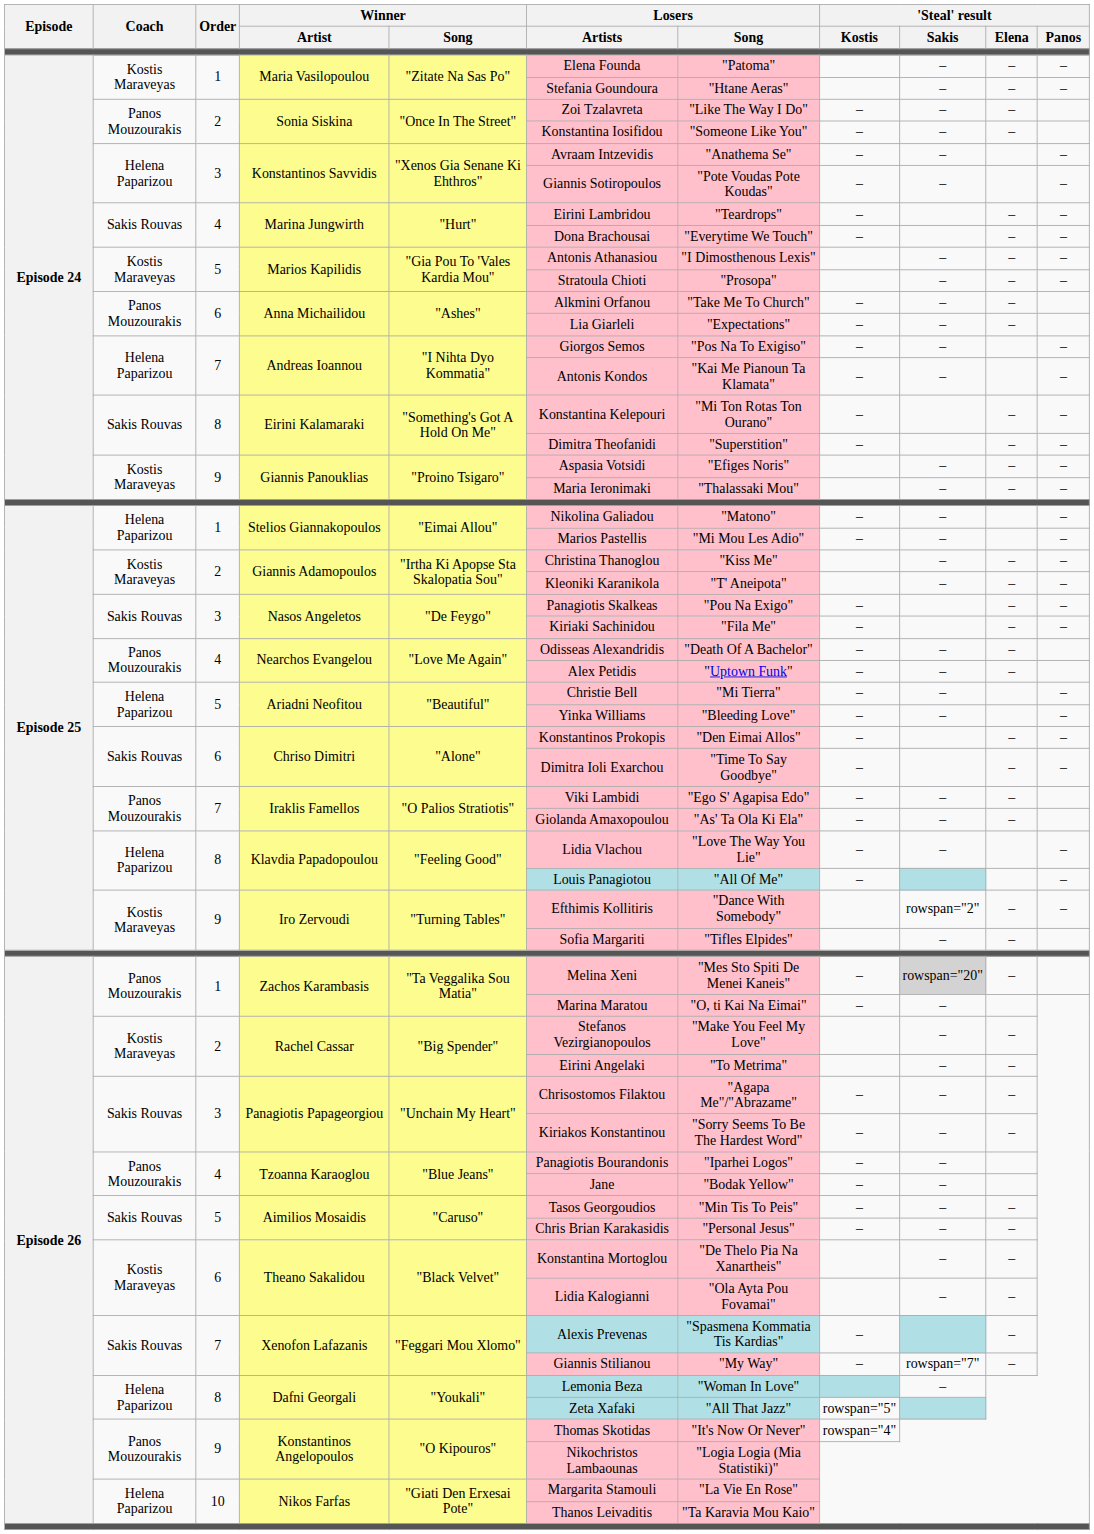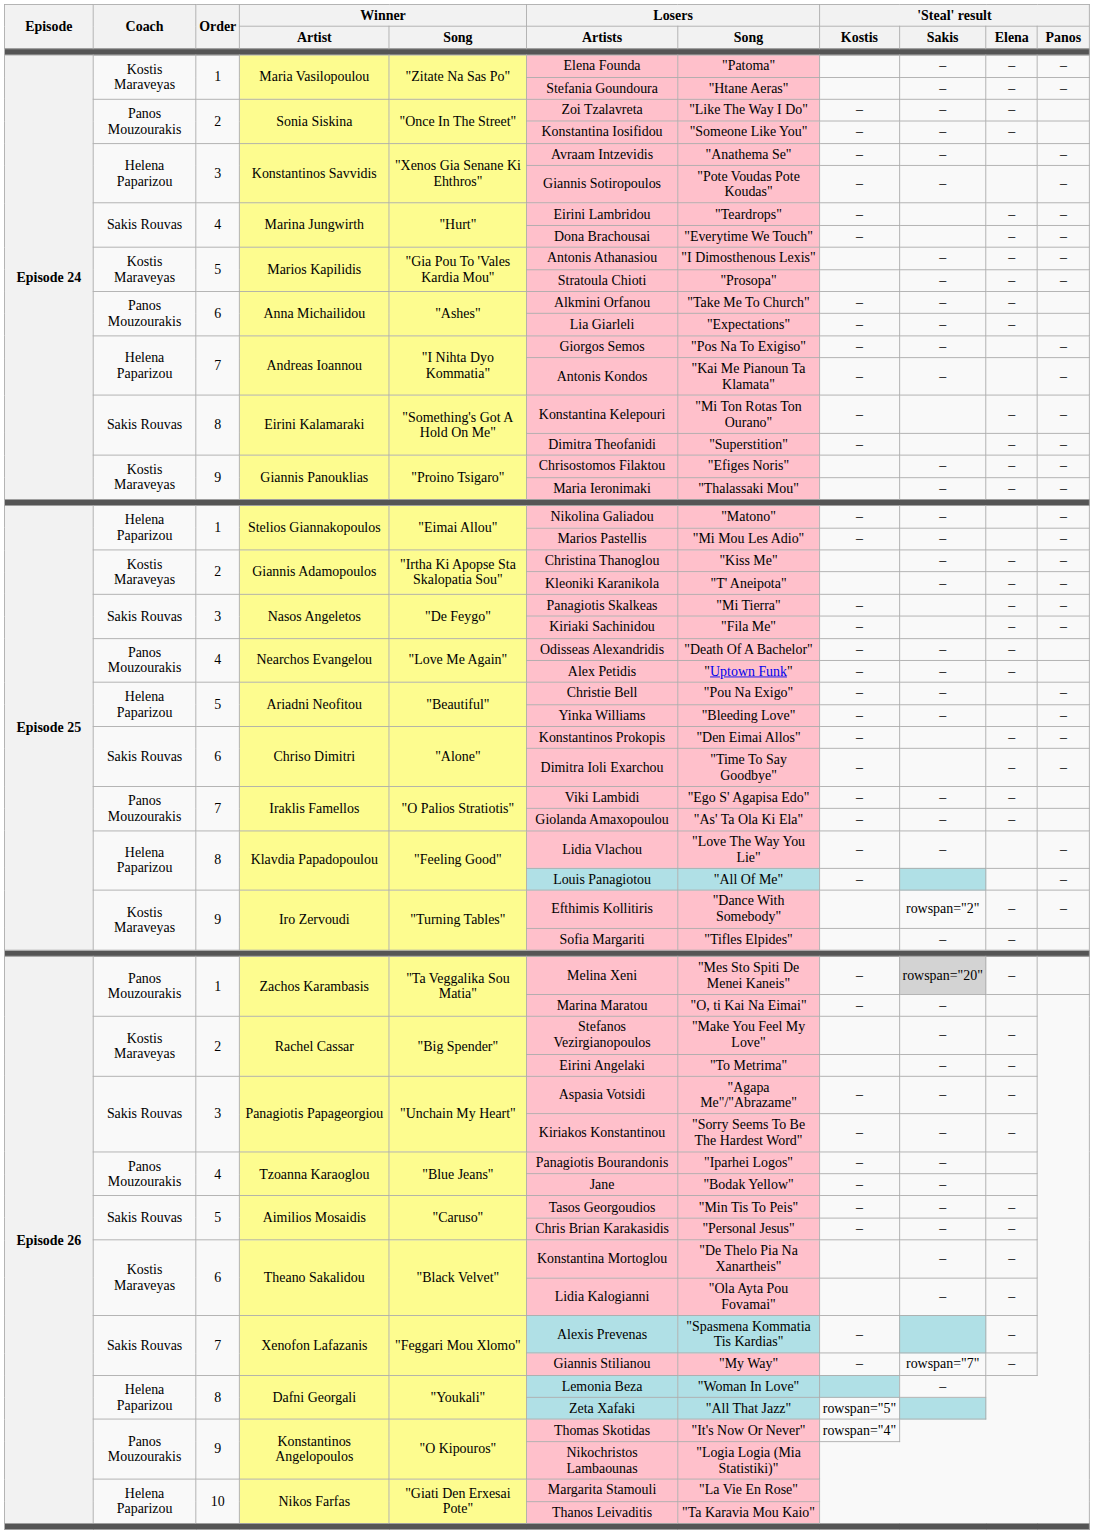 <table class="wikitable" style="text-align: center; width: auto;">
 <tr>
 <th rowspan="2" style="width:09%;">Episode</th>
 <th rowspan="2" style="width:10%;">Coach</th>
 <th rowspan="2" style="width:02%;">Order</th>
 <th colspan="2" style="width:29%;">Winner</th>
 <th colspan="2" style="width:29%;">Losers</th>
 <th colspan="4" style="width:20%;">'Steal' result</th>
 </tr>
 <tr>
 <th style="width:15%;">Artist</th>
 <th style="width:14%;">Song</th>
 <th style="width:15%;">Artists</th>
 <th style="width:14%;">Song</th>
 <th style="width:05%;">Kostis</th>
 <th style="width:05%;">Sakis</th>
 <th style="width:05%;">Elena</th>
 <th style="width:05%;">Panos</th>
 </tr>
 <tr>
 <td colspan="11" style="background:#555;"></td>
 </tr>
 <tr>
 <th rowspan="18">Episode 24<br><small></small></th>
 <td rowspan="2">Kostis Maraveyas</td>
 <td rowspan="2">1</td>
 <td rowspan="2" style="background:#fdfc8f;text-align:center;">Maria Vasilopoulou</td>
 <td rowspan="2" style="background:#fdfc8f;text-align:center;">"Zitate Na Sas Po"</td>
 <td style="background:pink;text-align:center;">Elena Founda</td>
 <td style="background:pink;text-align:center;">"Patoma"</td>
 <td></td>
 <td>–</td>
 <td>–</td>
 <td>–</td>
 </tr>
 <tr>
 <td style="background:pink;text-align:center;">Stefania Goundoura</td>
 <td style="background:pink;text-align:center;">"Htane Aeras"</td>
 <td></td>
 <td>–</td>
 <td>–</td>
 <td>–</td>
 </tr>
 <tr>
 <td rowspan="2">Panos Mouzourakis</td>
 <td rowspan="2">2</td>
 <td rowspan="2" style="background:#fdfc8f;text-align:center;">Sonia Siskina</td>
 <td rowspan="2" style="background:#fdfc8f;text-align:center;">"Once In The Street"</td>
 <td style="background:pink;text-align:center;">Zoi Tzalavreta</td>
 <td style="background:pink;text-align:center;">"Like The Way I Do"</td>
 <td>–</td>
 <td>–</td>
 <td>–</td>
 <td></td>
 </tr>
 <tr>
 <td style="background:pink;text-align:center;">Konstantina Iosifidou</td>
 <td style="background:pink;text-align:center;">"Someone Like You"</td>
 <td>–</td>
 <td>–</td>
 <td>–</td>
 <td></td>
 </tr>
 <tr>
 <td rowspan="2">Helena Paparizou</td>
 <td rowspan="2">3</td>
 <td rowspan="2" style="background:#fdfc8f;text-align:center;">Konstantinos Savvidis</td>
 <td rowspan="2" style="background:#fdfc8f;text-align:center;">"Xenos Gia Senane Ki Ehthros"</td>
 <td style="background:pink;text-align:center;">Avraam Intzevidis</td>
 <td style="background:pink;text-align:center;">"Anathema Se"</td>
 <td>–</td>
 <td>–</td>
 <td></td>
 <td>–</td>
 </tr>
 <tr>
 <td style="background:pink;text-align:center;">Giannis Sotiropoulos</td>
 <td style="background:pink;text-align:center;">"Pote Voudas Pote Koudas"</td>
 <td>–</td>
 <td>–</td>
 <td></td>
 <td>–</td>
 </tr>
 <tr>
 <td rowspan="2">Sakis Rouvas</td>
 <td rowspan="2">4</td>
 <td rowspan="2" style="background:#fdfc8f;text-align:center;">Marina Jungwirth</td>
 <td rowspan="2" style="background:#fdfc8f;text-align:center;">"Hurt"</td>
 <td style="background:pink;text-align:center;">Eirini Lambridou</td>
 <td style="background:pink;text-align:center;">"Teardrops"</td>
 <td>–</td>
 <td></td>
 <td>–</td>
 <td>–</td>
 </tr>
 <tr>
 <td style="background:pink;text-align:center;">Dona Brachousai</td>
 <td style="background:pink;text-align:center;">"Everytime We Touch"</td>
 <td>–</td>
 <td></td>
 <td>–</td>
 <td>–</td>
 </tr>
 <tr>
 <td rowspan="2">Kostis Maraveyas</td>
 <td rowspan="2">5</td>
 <td rowspan="2" style="background:#fdfc8f;text-align:center;">Marios Kapilidis</td>
 <td rowspan="2" style="background:#fdfc8f;text-align:center;">"Gia Pou To 'Vales Kardia Mou"</td>
 <td style="background:pink;text-align:center;">Antonis Athanasiou</td>
 <td style="background:pink;text-align:center;">"I Dimosthenous Lexis"</td>
 <td></td>
 <td>–</td>
 <td>–</td>
 <td>–</td>
 </tr>
 <tr>
 <td style="background:pink;text-align:center;">Stratoula Chioti</td>
 <td style="background:pink;text-align:center;">"Prosopa"</td>
 <td></td>
 <td>–</td>
 <td>–</td>
 <td>–</td>
 </tr>
 <tr>
 <td rowspan="2">Panos Mouzourakis</td>
 <td rowspan="2">6</td>
 <td rowspan="2" style="background:#fdfc8f;text-align:center;">Anna Michailidou</td>
 <td rowspan="2" style="background:#fdfc8f;text-align:center;">"Ashes"</td>
 <td style="background:pink;text-align:center;">Alkmini Orfanou</td>
 <td style="background:pink;text-align:center;">"Take Me To Church"</td>
 <td>–</td>
 <td>–</td>
 <td>–</td>
 <td></td>
 </tr>
 <tr>
 <td style="background:pink;text-align:center;">Lia Giarleli</td>
 <td style="background:pink;text-align:center;">"Expectations"</td>
 <td>–</td>
 <td>–</td>
 <td>–</td>
 <td></td>
 </tr>
 <tr>
 <td rowspan="2">Helena Paparizou</td>
 <td rowspan="2">7</td>
 <td rowspan="2" style="background:#fdfc8f;text-align:center;">Andreas Ioannou</td>
 <td rowspan="2" style="background:#fdfc8f;text-align:center;">"I Nihta Dyo Kommatia"</td>
 <td style="background:pink;text-align:center;">Giorgos Semos</td>
 <td style="background:pink;text-align:center;">"Pos Na To Exigiso"</td>
 <td>–</td>
 <td>–</td>
 <td></td>
 <td>–</td>
 </tr>
 <tr>
 <td style="background:pink;text-align:center;">Antonis Kondos</td>
 <td style="background:pink;text-align:center;">"Kai Me Pianoun Ta Klamata"</td>
 <td>–</td>
 <td>–</td>
 <td></td>
 <td>–</td>
 </tr>
 <tr>
 <td rowspan="2">Sakis Rouvas</td>
 <td rowspan="2">8</td>
 <td rowspan="2" style="background:#fdfc8f;text-align:center;">Eirini Kalamaraki</td>
 <td rowspan="2" style="background:#fdfc8f;text-align:center;">"Something's Got A Hold On Me"</td>
 <td style="background:pink;text-align:center;">Konstantina Kelepouri</td>
 <td style="background:pink;text-align:center;">"Mi Ton Rotas Ton Ourano"</td>
 <td>–</td>
 <td></td>
 <td>–</td>
 <td>–</td>
 </tr>
 <tr>
 <td style="background:pink;text-align:center;">Dimitra Theofanidi</td>
 <td style="background:pink;text-align:center;">"Superstition"</td>
 <td>–</td>
 <td></td>
 <td>–</td>
 <td>–</td>
 </tr>
 <tr>
 <td rowspan="2">Kostis Maraveyas</td>
 <td rowspan="2">9</td>
 <td rowspan="2" style="background:#fdfc8f;text-align:center;">Giannis Panouklias</td>
 <td rowspan="2" style="background:#fdfc8f;text-align:center;">"Proino Tsigaro"</td>
-<td style="background:pink;text-align:center;">Aspasia Votsidi</td>
+<td style="background:pink;text-align:center;">Chrisostomos Filaktou</td>
 <td style="background:pink;text-align:center;">"Efiges Noris"</td>
 <td></td>
 <td>–</td>
 <td>–</td>
 <td>–</td>
 </tr>
 <tr>
 <td style="background:pink;text-align:center;">Maria Ieronimaki</td>
 <td style="background:pink;text-align:center;">"Thalassaki Mou"</td>
 <td></td>
 <td>–</td>
 <td>–</td>
 <td>–</td>
 </tr>
 <tr>
 <td colspan="11" style="background:#555;"></td>
 </tr>
 <tr>
 <th rowspan="18">Episode 25<br><small></small></th>
 <td rowspan="2">Helena Paparizou</td>
 <td rowspan="2">1</td>
 <td rowspan="2" style="background:#fdfc8f;text-align:center;">Stelios Giannakopoulos</td>
 <td rowspan="2" style="background:#fdfc8f;text-align:center;">"Eimai Allou"</td>
 <td style="background:pink;text-align:center;">Nikolina Galiadou</td>
 <td style="background:pink;text-align:center;">"Matono"</td>
 <td>–</td>
 <td>–</td>
 <td></td>
 <td>–</td>
 </tr>
 <tr>
 <td style="background:pink;text-align:center;">Marios Pastellis</td>
 <td style="background:pink;text-align:center;">"Mi Mou Les Adio"</td>
 <td>–</td>
 <td>–</td>
 <td></td>
 <td>–</td>
 </tr>
 <tr>
 <td rowspan="2">Kostis Maraveyas</td>
 <td rowspan="2">2</td>
 <td rowspan="2" style="background:#fdfc8f;text-align:center;">Giannis Adamopoulos</td>
 <td rowspan="2" style="background:#fdfc8f;text-align:center;">"Irtha Ki Apopse Sta Skalopatia Sou"</td>
 <td style="background:pink;text-align:center;">Christina Thanoglou</td>
 <td style="background:pink;text-align:center;">"Kiss Me"</td>
 <td></td>
 <td>–</td>
 <td>–</td>
 <td>–</td>
 </tr>
 <tr>
 <td style="background:pink;text-align:center;">Kleoniki Karanikola</td>
 <td style="background:pink;text-align:center;">"T' Aneipota"</td>
 <td></td>
 <td>–</td>
 <td>–</td>
 <td>–</td>
 </tr>
 <tr>
 <td rowspan="2">Sakis Rouvas</td>
 <td rowspan="2">3</td>
 <td rowspan="2" style="background:#fdfc8f;text-align:center;">Nasos Angeletos</td>
 <td rowspan="2" style="background:#fdfc8f;text-align:center;">"De Feygo"</td>
 <td style="background:pink;text-align:center;">Panagiotis Skalkeas</td>
-<td style="background:pink;text-align:center;">"Pou Na Exigo"</td>
+<td style="background:pink;text-align:center;">"Mi Tierra"</td>
 <td>–</td>
 <td></td>
 <td>–</td>
 <td>–</td>
 </tr>
 <tr>
 <td style="background:pink;text-align:center;">Kiriaki Sachinidou</td>
 <td style="background:pink;text-align:center;">"Fila Me"</td>
 <td>–</td>
 <td></td>
 <td>–</td>
 <td>–</td>
 </tr>
 <tr>
 <td rowspan="2">Panos Mouzourakis</td>
 <td rowspan="2">4</td>
 <td rowspan="2" style="background:#fdfc8f;text-align:center;">Nearchos Evangelou</td>
 <td rowspan="2" style="background:#fdfc8f;text-align:center;">"Love Me Again"</td>
 <td style="background:pink;text-align:center;">Odisseas Alexandridis</td>
 <td style="background:pink;text-align:center;">"Death Of A Bachelor"</td>
 <td>–</td>
 <td>–</td>
 <td>–</td>
 <td></td>
 </tr>
 <tr>
 <td style="background:pink;text-align:center;">Alex Petidis</td>
 <td style="background:pink;text-align:center;">"<a href='#'>Uptown Funk</a>"</td>
 <td>–</td>
 <td>–</td>
 <td>–</td>
 <td></td>
 </tr>
 <tr>
 <td rowspan="2">Helena Paparizou</td>
 <td rowspan="2">5</td>
 <td rowspan="2" style="background:#fdfc8f;text-align:center;">Ariadni Neofitou</td>
 <td rowspan="2" style="background:#fdfc8f;text-align:center;">"Beautiful"</td>
 <td style="background:pink;text-align:center;">Christie Bell</td>
-<td style="background:pink;text-align:center;">"Mi Tierra"</td>
+<td style="background:pink;text-align:center;">"Pou Na Exigo"</td>
 <td>–</td>
 <td>–</td>
 <td></td>
 <td>–</td>
 </tr>
 <tr>
 <td style="background:pink;text-align:center;">Yinka Williams</td>
 <td style="background:pink;text-align:center;">"Bleeding Love"</td>
 <td>–</td>
 <td>–</td>
 <td></td>
 <td>–</td>
 </tr>
 <tr>
 <td rowspan="2">Sakis Rouvas</td>
 <td rowspan="2">6</td>
 <td rowspan="2" style="background:#fdfc8f;text-align:center;">Chriso Dimitri</td>
 <td rowspan="2" style="background:#fdfc8f;text-align:center;">"Alone"</td>
 <td style="background:pink;text-align:center;">Konstantinos Prokopis</td>
 <td style="background:pink;text-align:center;">"Den Eimai Allos"</td>
 <td>–</td>
 <td></td>
 <td>–</td>
 <td>–</td>
 </tr>
 <tr>
 <td style="background:pink;text-align:center;">Dimitra Ioli Exarchou</td>
 <td style="background:pink;text-align:center;">"Time To Say Goodbye"</td>
 <td>–</td>
 <td></td>
 <td>–</td>
 <td>–</td>
 </tr>
 <tr>
 <td rowspan="2">Panos Mouzourakis</td>
 <td rowspan="2">7</td>
 <td rowspan="2" style="background:#fdfc8f;text-align:center;">Iraklis Famellos</td>
 <td rowspan="2" style="background:#fdfc8f;text-align:center;">"O Palios Stratiotis"</td>
 <td style="background:pink;text-align:center;">Viki Lambidi</td>
 <td style="background:pink;text-align:center;">"Ego S' Agapisa Edo"</td>
 <td>–</td>
 <td>–</td>
 <td>–</td>
 <td></td>
 </tr>
 <tr>
 <td style="background:pink;text-align:center;">Giolanda Amaxopoulou</td>
 <td style="background:pink;text-align:center;">"As' Ta Ola Ki Ela"</td>
 <td>–</td>
 <td>–</td>
 <td>–</td>
 <td></td>
 </tr>
 <tr>
 <td rowspan="2">Helena Paparizou</td>
 <td rowspan="2">8</td>
 <td rowspan="2" style="background:#fdfc8f;text-align:center;">Klavdia Papadopoulou</td>
 <td rowspan="2" style="background:#fdfc8f;text-align:center;">"Feeling Good"</td>
 <td style="background:pink;text-align:center;">Lidia Vlachou</td>
 <td style="background:pink;text-align:center;">"Love The Way You Lie"</td>
 <td>–</td>
 <td>–</td>
 <td></td>
 <td>–</td>
 </tr>
 <tr>
 <td style="background:#b0e0e6;text-align:center;">Louis Panagiotou</td>
 <td style="background:#b0e0e6;text-align:center;">"All Of Me"</td>
 <td>–</td>
 <td style="background:#b0e0e6;text-align:center;"></td>
 <td></td>
 <td>–</td>
 </tr>
 <tr>
 <td rowspan="2">Kostis Maraveyas</td>
 <td rowspan="2">9</td>
 <td rowspan="2" style="background:#fdfc8f;text-align:center;">Iro Zervoudi</td>
 <td rowspan="2" style="background:#fdfc8f;text-align:center;">"Turning Tables"</td>
 <td style="background:pink;text-align:center;">Efthimis Kollitiris</td>
 <td style="background:pink;text-align:center;">"Dance With Somebody"</td>
 <td></td>
 <td>rowspan="2" </td>
 <td>–</td>
 <td>–</td>
 </tr>
 <tr>
 <td style="background:pink;text-align:center;">Sofia Margariti</td>
 <td style="background:pink;text-align:center;">"Tifles Elpides"</td>
 <td></td>
 <td>–</td>
 <td>–</td>
 </tr>
 <tr>
 <td colspan="11" style="background:#555;"></td>
 </tr>
 <tr>
 <th rowspan="20">Episode 26<br><small></small></th>
 <td rowspan="2">Panos Mouzourakis</td>
 <td rowspan="2">1</td>
 <td rowspan="2" style="background:#fdfc8f;text-align:center;">Zachos Karambasis</td>
 <td rowspan="2" style="background:#fdfc8f;text-align:center;">"Ta Veggalika Sou Matia"</td>
 <td style="background:pink;text-align:center;">Melina Xeni</td>
 <td style="background:pink;text-align:center;">"Mes Sto Spiti De Menei Kaneis"</td>
 <td>–</td>
 <td style="background: lightgrey;">rowspan="20" </td>
 <td>–</td>
 <td></td>
 </tr>
 <tr>
 <td style="background:pink;text-align:center;">Marina Maratou</td>
 <td style="background:pink;text-align:center;">"O, ti Kai Na Eimai"</td>
 <td>–</td>
 <td>–</td>
 <td></td>
 </tr>
 <tr>
 <td rowspan="2">Kostis Maraveyas</td>
 <td rowspan="2">2</td>
 <td rowspan="2" style="background:#fdfc8f;text-align:center;">Rachel Cassar</td>
 <td rowspan="2" style="background:#fdfc8f;text-align:center;">"Big Spender"</td>
 <td style="background:pink;text-align:center;">Stefanos Vezirgianopoulos</td>
 <td style="background:pink;text-align:center;">"Make You Feel My Love"</td>
 <td></td>
 <td>–</td>
 <td>–</td>
 </tr>
 <tr>
 <td style="background:pink;text-align:center;">Eirini Angelaki</td>
 <td style="background:pink;text-align:center;">"To Metrima"</td>
 <td></td>
 <td>–</td>
 <td>–</td>
 </tr>
 <tr>
 <td rowspan="2">Sakis Rouvas</td>
 <td rowspan="2">3</td>
 <td rowspan="2" style="background:#fdfc8f;text-align:center;">Panagiotis Papageorgiou</td>
 <td rowspan="2" style="background:#fdfc8f;text-align:center;">"Unchain My Heart"</td>
-<td style="background:pink;text-align:center;">Chrisostomos Filaktou</td>
+<td style="background:pink;text-align:center;">Aspasia Votsidi</td>
 <td style="background:pink;text-align:center;">"Agapa Me"/"Abrazame"</td>
 <td>–</td>
 <td>–</td>
 <td>–</td>
 </tr>
 <tr>
 <td style="background:pink;text-align:center;">Kiriakos Konstantinou</td>
 <td style="background:pink;text-align:center;">"Sorry Seems To Be The Hardest Word"</td>
 <td>–</td>
 <td>–</td>
 <td>–</td>
 </tr>
 <tr>
 <td rowspan="2">Panos Mouzourakis</td>
 <td rowspan="2">4</td>
 <td rowspan="2" style="background:#fdfc8f;text-align:center;">Tzoanna Karaoglou</td>
 <td rowspan="2" style="background:#fdfc8f;text-align:center;">"Blue Jeans"</td>
 <td style="background:pink;text-align:center;">Panagiotis Bourandonis</td>
 <td style="background:pink;text-align:center;">"Iparhei Logos"</td>
 <td>–</td>
 <td>–</td>
 <td></td>
 </tr>
 <tr>
 <td style="background:pink;text-align:center;">Jane</td>
 <td style="background:pink;text-align:center;">"Bodak Yellow"</td>
 <td>–</td>
 <td>–</td>
 <td></td>
 </tr>
 <tr>
 <td rowspan="2">Sakis Rouvas</td>
 <td rowspan="2">5</td>
 <td rowspan="2" style="background:#fdfc8f;text-align:center;">Aimilios Mosaidis</td>
 <td rowspan="2" style="background:#fdfc8f;text-align:center;">"Caruso"</td>
 <td style="background:pink;text-align:center;">Tasos Georgoudios</td>
 <td style="background:pink;text-align:center;">"Min Tis To Peis"</td>
 <td>–</td>
 <td>–</td>
 <td>–</td>
 </tr>
 <tr>
 <td style="background:pink;text-align:center;">Chris Brian Karakasidis</td>
 <td style="background:pink;text-align:center;">"Personal Jesus"</td>
 <td>–</td>
 <td>–</td>
 <td>–</td>
 </tr>
 <tr>
 <td rowspan="2">Kostis Maraveyas</td>
 <td rowspan="2">6</td>
 <td rowspan="2" style="background:#fdfc8f;text-align:center;">Theano Sakalidou</td>
 <td rowspan="2" style="background:#fdfc8f;text-align:center;">"Black Velvet"</td>
 <td style="background:pink;text-align:center;">Konstantina Mortoglou</td>
 <td style="background:pink;text-align:center;">"De Thelo Pia Na Xanartheis"</td>
 <td></td>
 <td>–</td>
 <td>–</td>
 </tr>
 <tr>
 <td style="background:pink;text-align:center;">Lidia Kalogianni</td>
 <td style="background:pink;text-align:center;">"Ola Ayta Pou Fovamai"</td>
 <td></td>
 <td>–</td>
 <td>–</td>
 </tr>
 <tr>
 <td rowspan="2">Sakis Rouvas</td>
 <td rowspan="2">7</td>
 <td rowspan="2" style="background:#fdfc8f;text-align:center;">Xenofon Lafazanis</td>
 <td rowspan="2" style="background:#fdfc8f;text-align:center;">"Feggari Mou Xlomo"</td>
 <td style="background:#b0e0e6;text-align:center;">Alexis Prevenas</td>
 <td style="background:#b0e0e6;text-align:center;">"Spasmena Kommatia Tis Kardias"</td>
 <td>–</td>
 <td style="background:#b0e0e6;text-align:center;"></td>
 <td>–</td>
 </tr>
 <tr>
 <td style="background:pink;text-align:center;">Giannis Stilianou</td>
 <td style="background:pink;text-align:center;">"My Way"</td>
 <td>–</td>
 <td>rowspan="7" </td>
 <td>–</td>
 </tr>
 <tr>
 <td rowspan="2">Helena Paparizou</td>
 <td rowspan="2">8</td>
 <td rowspan="2" style="background:#fdfc8f;text-align:center;">Dafni Georgali</td>
 <td rowspan="2" style="background:#fdfc8f;text-align:center;">"Youkali"</td>
 <td style="background:#b0e0e6;text-align:center;">Lemonia Beza</td>
 <td style="background:#b0e0e6;text-align:center;">"Woman In Love"</td>
 <td style="background:#b0e0e6;text-align:center;"></td>
 <td>–</td>
 </tr>
 <tr>
 <td style="background:#b0e0e6;text-align:center;">Zeta Xafaki</td>
 <td style="background:#b0e0e6;text-align:center;">"All That Jazz"</td>
 <td>rowspan="5" </td>
 <td style="background:#b0e0e6;text-align:center;"></td>
 </tr>
 <tr>
 <td rowspan="2">Panos Mouzourakis</td>
 <td rowspan="2">9</td>
 <td rowspan="2" style="background:#fdfc8f;text-align:center;">Konstantinos Angelopoulos</td>
 <td rowspan="2" style="background:#fdfc8f;text-align:center;">"O Kipouros"</td>
 <td style="background:pink;text-align:center;">Thomas Skotidas</td>
 <td style="background:pink;text-align:center;">"It's Now Or Never"</td>
 <td>rowspan="4" </td>
 </tr>
 <tr>
 <td style="background:pink;text-align:center;">Nikochristos Lambaounas</td>
 <td style="background:pink;text-align:center;">"Logia Logia (Mia Statistiki)"</td>
 </tr>
 <tr>
 <td rowspan="2">Helena Paparizou</td>
 <td rowspan="2">10</td>
 <td rowspan="2" style="background:#fdfc8f;text-align:center;">Nikos Farfas</td>
 <td rowspan="2" style="background:#fdfc8f;text-align:center;">"Giati Den Erxesai Pote"</td>
 <td style="background:pink;text-align:center;">Margarita Stamouli</td>
 <td style="background:pink;text-align:center;">"La Vie En Rose"</td>
 </tr>
 <tr>
 <td style="background:pink;text-align:center;">Thanos Leivaditis</td>
 <td style="background:pink;text-align:center;">"Ta Karavia Mou Kaio"</td>
 </tr>
 <tr>
 <td colspan="11" style="background:#555;"></td>
 </tr>
 </table>
